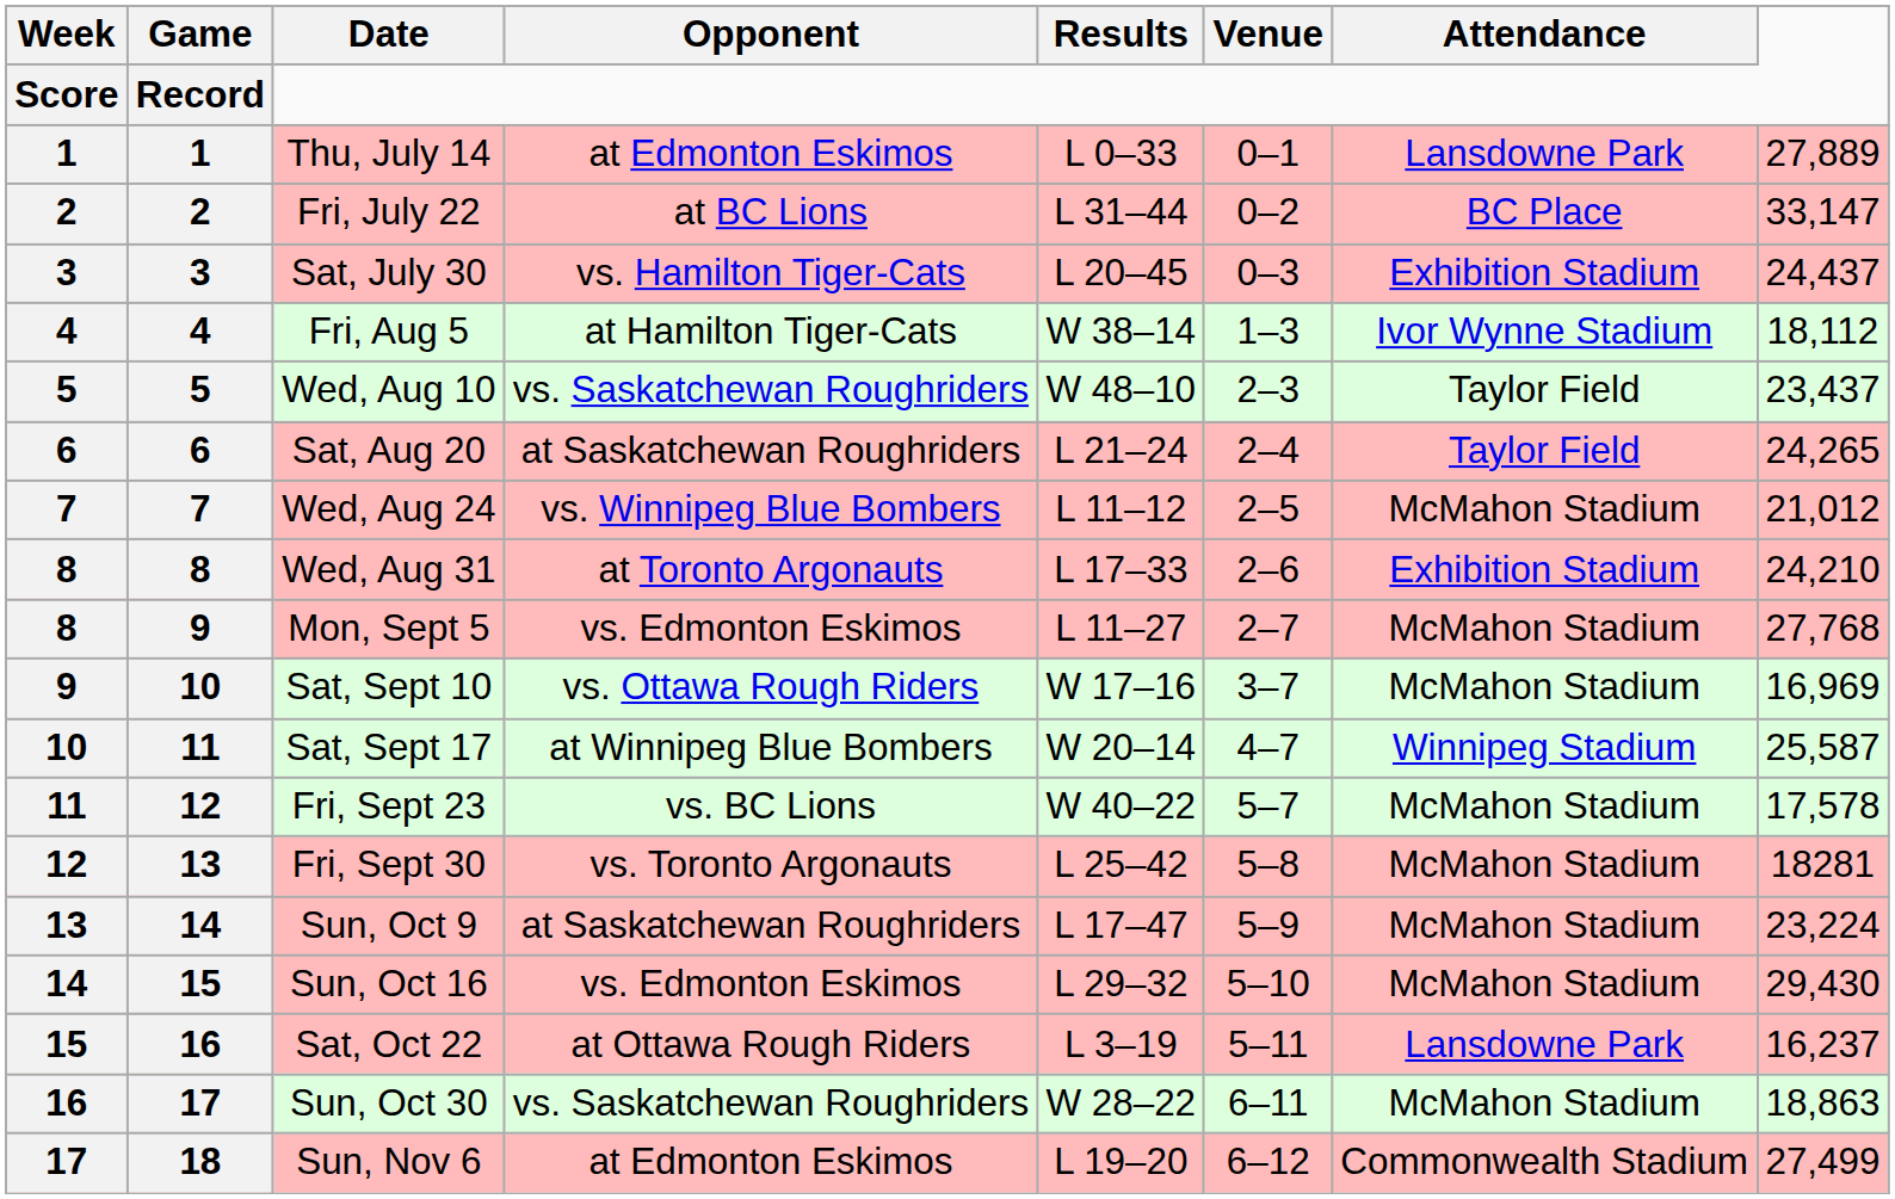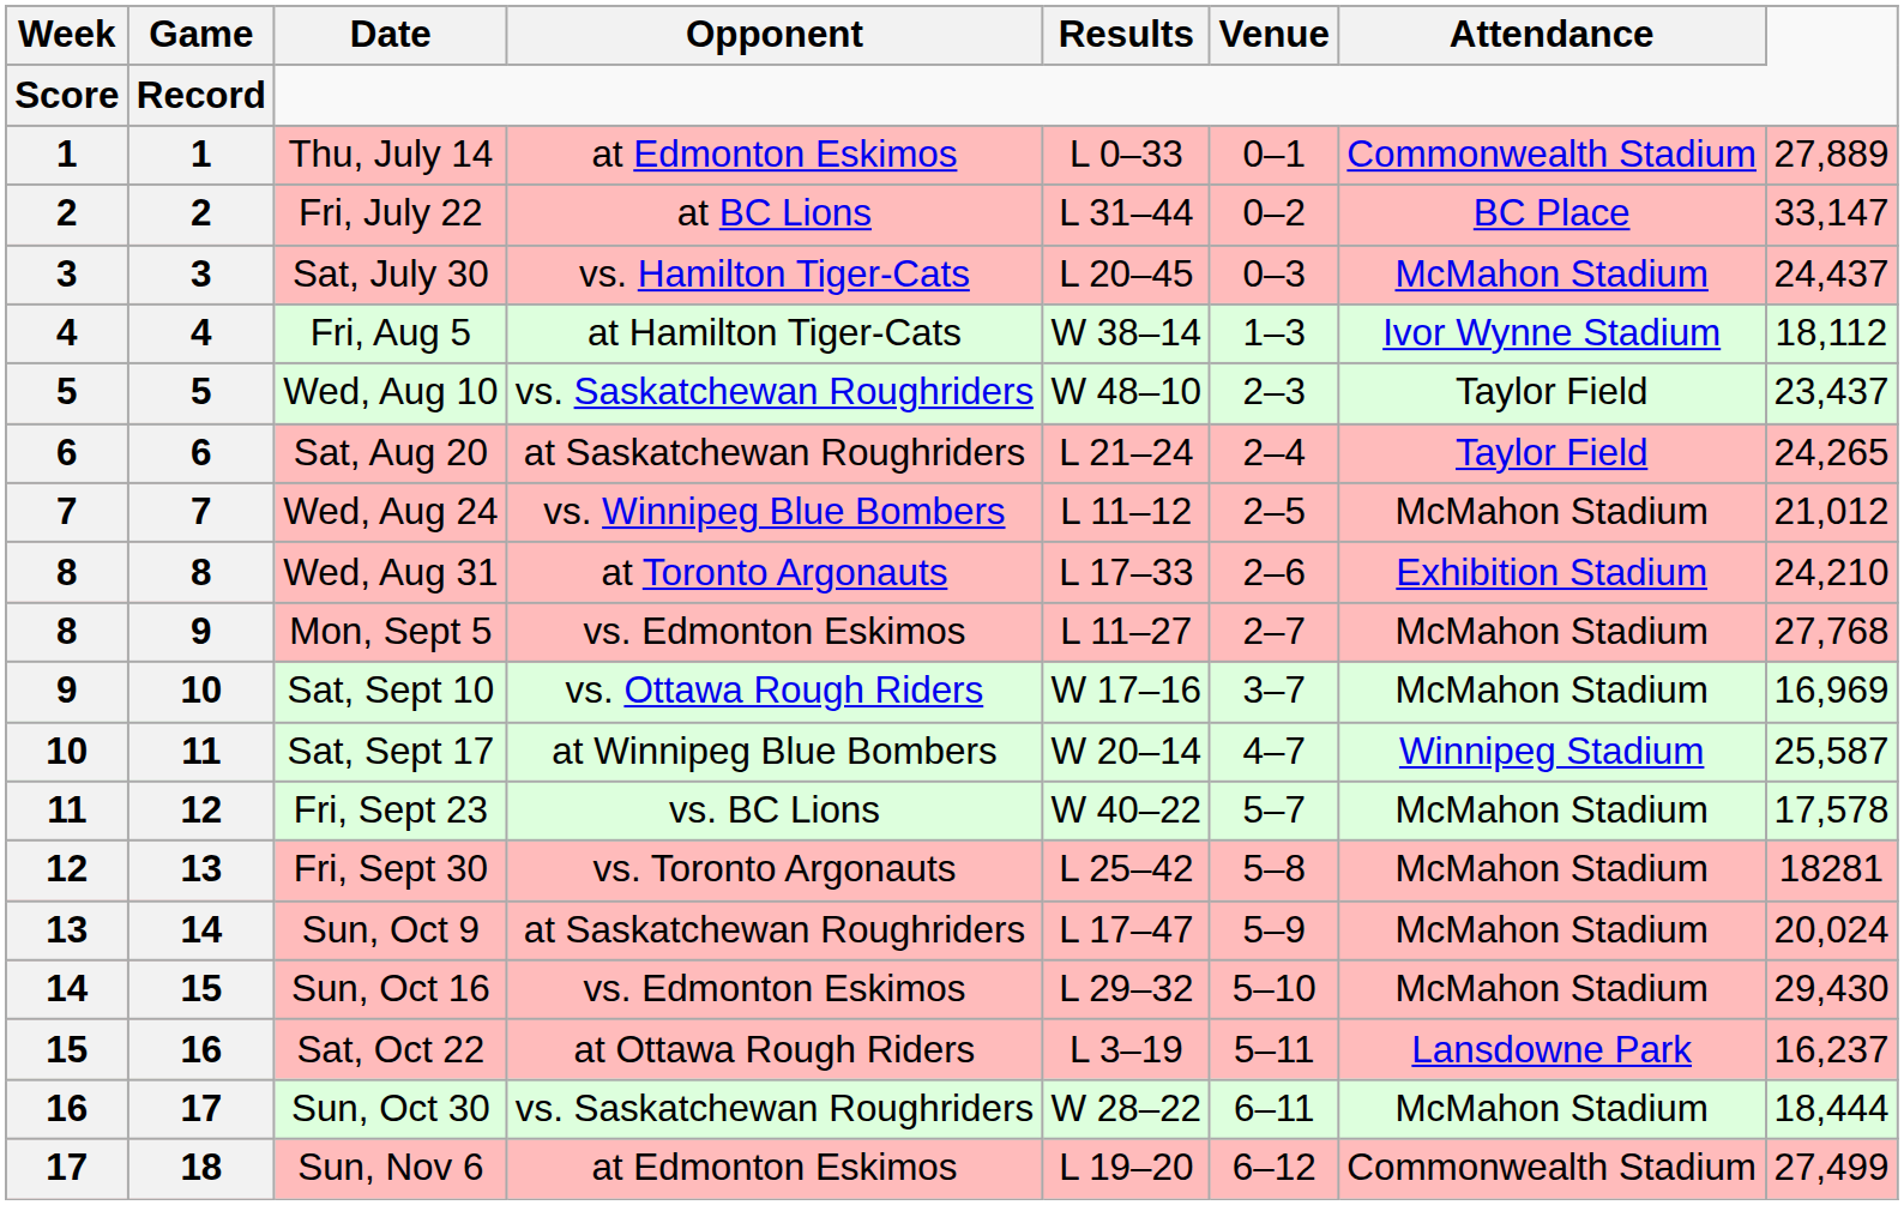 <table class="wikitable" style="text-align:center">
 <tr>
 <th>Week</th>
 <th>Game</th>
 <th>Date</th>
 <th>Opponent</th>
 <th>Results</th>
 <th>Venue</th>
 <th>Attendance</th>
 </tr>
 <tr>
 <th>Score</th>
 <th>Record</th>
 </tr>
 <tr style="background:#ffbbbb">
 <th>1</th>
 <th>1</th>
 <td>Thu, July 14</td>
 <td>at <a href='#'>Edmonton Eskimos</a></td>
 <td>L 0–33</td>
 <td>0–1</td>
-<td><a href='#'>Lansdowne Park</a></td>
+<td><a href='#'>Commonwealth Stadium</a></td>
 <td>27,889</td>
 </tr>
 <tr style="background:#ffbbbb">
 <th>2</th>
 <th>2</th>
 <td>Fri, July 22</td>
 <td>at <a href='#'>BC Lions</a></td>
 <td>L 31–44</td>
 <td>0–2</td>
 <td><a href='#'>BC Place</a></td>
 <td>33,147</td>
 </tr>
 <tr style="background:#ffbbbb">
 <th>3</th>
 <th>3</th>
 <td>Sat, July 30</td>
 <td>vs. <a href='#'>Hamilton Tiger-Cats</a></td>
 <td>L 20–45</td>
 <td>0–3</td>
-<td><a href='#'>Exhibition Stadium</a></td>
+<td><a href='#'>McMahon Stadium</a></td>
 <td>24,437</td>
 </tr>
 <tr style="background:#ddffdd">
 <th>4</th>
 <th>4</th>
 <td>Fri, Aug 5</td>
 <td>at Hamilton Tiger-Cats</td>
 <td>W 38–14</td>
 <td>1–3</td>
 <td><a href='#'>Ivor Wynne Stadium</a></td>
 <td>18,112</td>
 </tr>
 <tr style="background:#ddffdd">
 <th>5</th>
 <th>5</th>
 <td>Wed, Aug 10</td>
 <td>vs. <a href='#'>Saskatchewan Roughriders</a></td>
 <td>W 48–10</td>
 <td>2–3</td>
 <td>Taylor Field</td>
 <td>23,437</td>
 </tr>
 <tr style="background:#ffbbbb">
 <th>6</th>
 <th>6</th>
 <td>Sat, Aug 20</td>
 <td>at Saskatchewan Roughriders</td>
 <td>L 21–24</td>
 <td>2–4</td>
 <td><a href='#'>Taylor Field</a></td>
 <td>24,265</td>
 </tr>
 <tr style="background:#ffbbbb">
 <th>7</th>
 <th>7</th>
 <td>Wed, Aug 24</td>
 <td>vs. <a href='#'>Winnipeg Blue Bombers</a></td>
 <td>L 11–12</td>
 <td>2–5</td>
 <td>McMahon Stadium</td>
 <td>21,012</td>
 </tr>
 <tr style="background:#ffbbbb">
 <th>8</th>
 <th>8</th>
 <td>Wed, Aug 31</td>
 <td>at <a href='#'>Toronto Argonauts</a></td>
 <td>L 17–33</td>
 <td>2–6</td>
 <td><a href='#'>Exhibition Stadium</a></td>
 <td>24,210</td>
 </tr>
 <tr style="background:#ffbbbb">
 <th>8</th>
 <th>9</th>
 <td>Mon, Sept 5</td>
 <td>vs. Edmonton Eskimos</td>
 <td>L 11–27</td>
 <td>2–7</td>
 <td>McMahon Stadium</td>
 <td>27,768</td>
 </tr>
 <tr style="background:#ddffdd">
 <th>9</th>
 <th>10</th>
 <td>Sat, Sept 10</td>
 <td>vs. <a href='#'>Ottawa Rough Riders</a></td>
 <td>W 17–16</td>
 <td>3–7</td>
 <td>McMahon Stadium</td>
 <td>16,969</td>
 </tr>
 <tr style="background:#ddffdd">
 <th>10</th>
 <th>11</th>
 <td>Sat, Sept 17</td>
 <td>at Winnipeg Blue Bombers</td>
 <td>W 20–14</td>
 <td>4–7</td>
 <td><a href='#'>Winnipeg Stadium</a></td>
 <td>25,587</td>
 </tr>
 <tr style="background:#ddffdd">
 <th>11</th>
 <th>12</th>
 <td>Fri, Sept 23</td>
 <td>vs. BC Lions</td>
 <td>W 40–22</td>
 <td>5–7</td>
 <td>McMahon Stadium</td>
 <td>17,578</td>
 </tr>
 <tr style="background:#ffbbbb">
 <th>12</th>
 <th>13</th>
 <td>Fri, Sept 30</td>
 <td>vs. Toronto Argonauts</td>
 <td>L 25–42</td>
 <td>5–8</td>
 <td>McMahon Stadium</td>
 <td>18281</td>
 </tr>
 <tr style="background:#ffbbbb">
 <th>13</th>
 <th>14</th>
 <td>Sun, Oct 9</td>
 <td>at Saskatchewan Roughriders</td>
 <td>L 17–47</td>
 <td>5–9</td>
 <td>McMahon Stadium</td>
-<td>23,224</td>
+<td>20,024</td>
 </tr>
 <tr style="background:#ffbbbb">
 <th>14</th>
 <th>15</th>
 <td>Sun, Oct 16</td>
 <td>vs. Edmonton Eskimos</td>
 <td>L 29–32</td>
 <td>5–10</td>
 <td>McMahon Stadium</td>
 <td>29,430</td>
 </tr>
 <tr style="background:#ffbbbb">
 <th>15</th>
 <th>16</th>
 <td>Sat, Oct 22</td>
 <td>at Ottawa Rough Riders</td>
 <td>L 3–19</td>
 <td>5–11</td>
 <td><a href='#'>Lansdowne Park</a></td>
 <td>16,237</td>
 </tr>
 <tr style="background:#ddffdd">
 <th>16</th>
 <th>17</th>
 <td>Sun, Oct 30</td>
 <td>vs. Saskatchewan Roughriders</td>
 <td>W 28–22</td>
 <td>6–11</td>
 <td>McMahon Stadium</td>
-<td>18,863</td>
+<td>18,444</td>
 </tr>
 <tr style="background:#ffbbbb">
 <th>17</th>
 <th>18</th>
 <td>Sun, Nov 6</td>
 <td>at Edmonton Eskimos</td>
 <td>L 19–20</td>
 <td>6–12</td>
 <td>Commonwealth Stadium</td>
 <td>27,499</td>
 </tr>
 </table>
